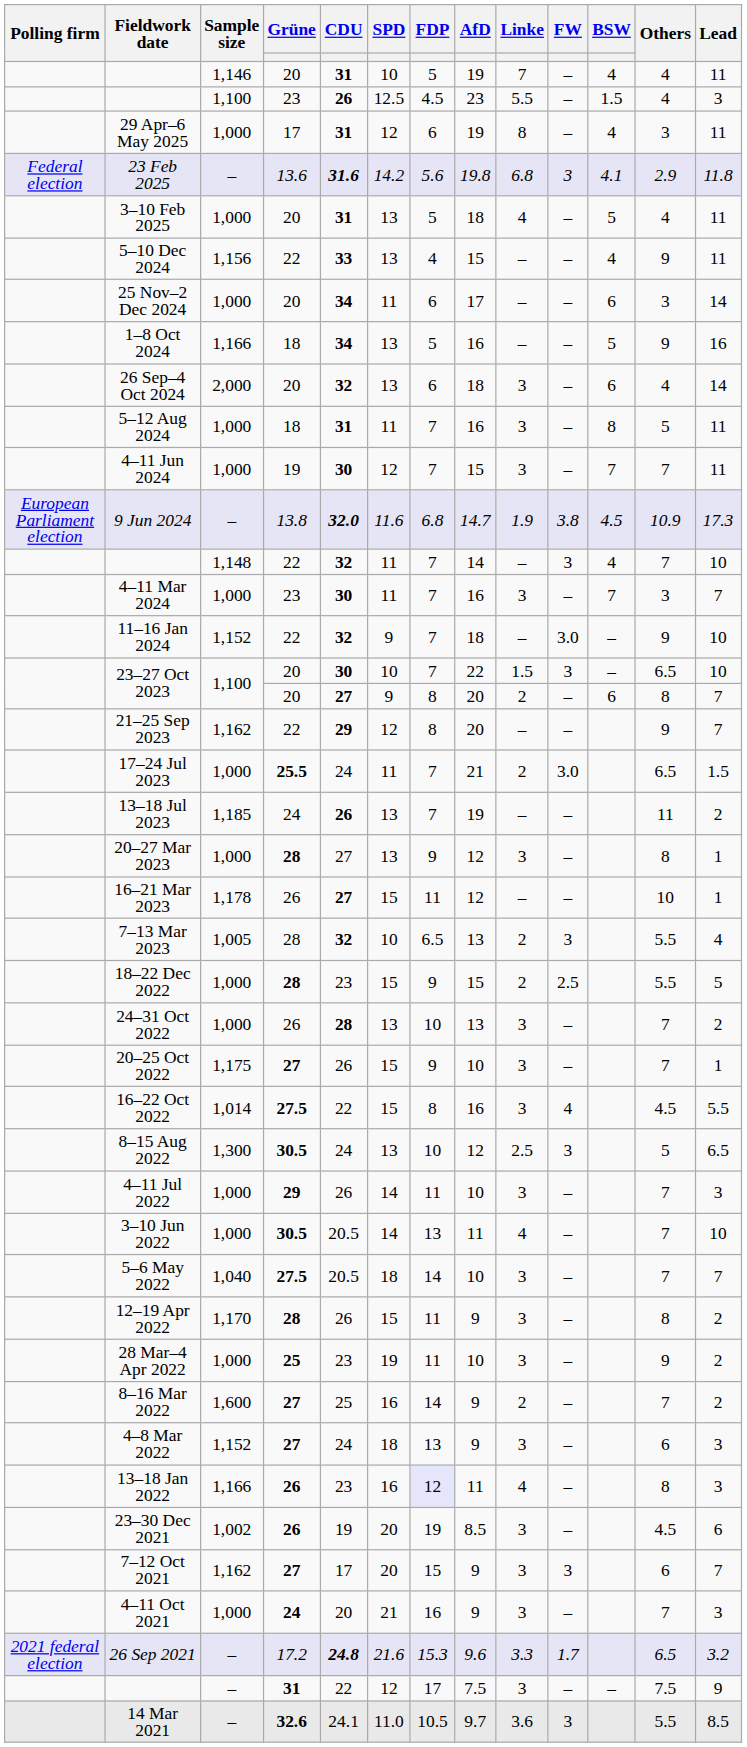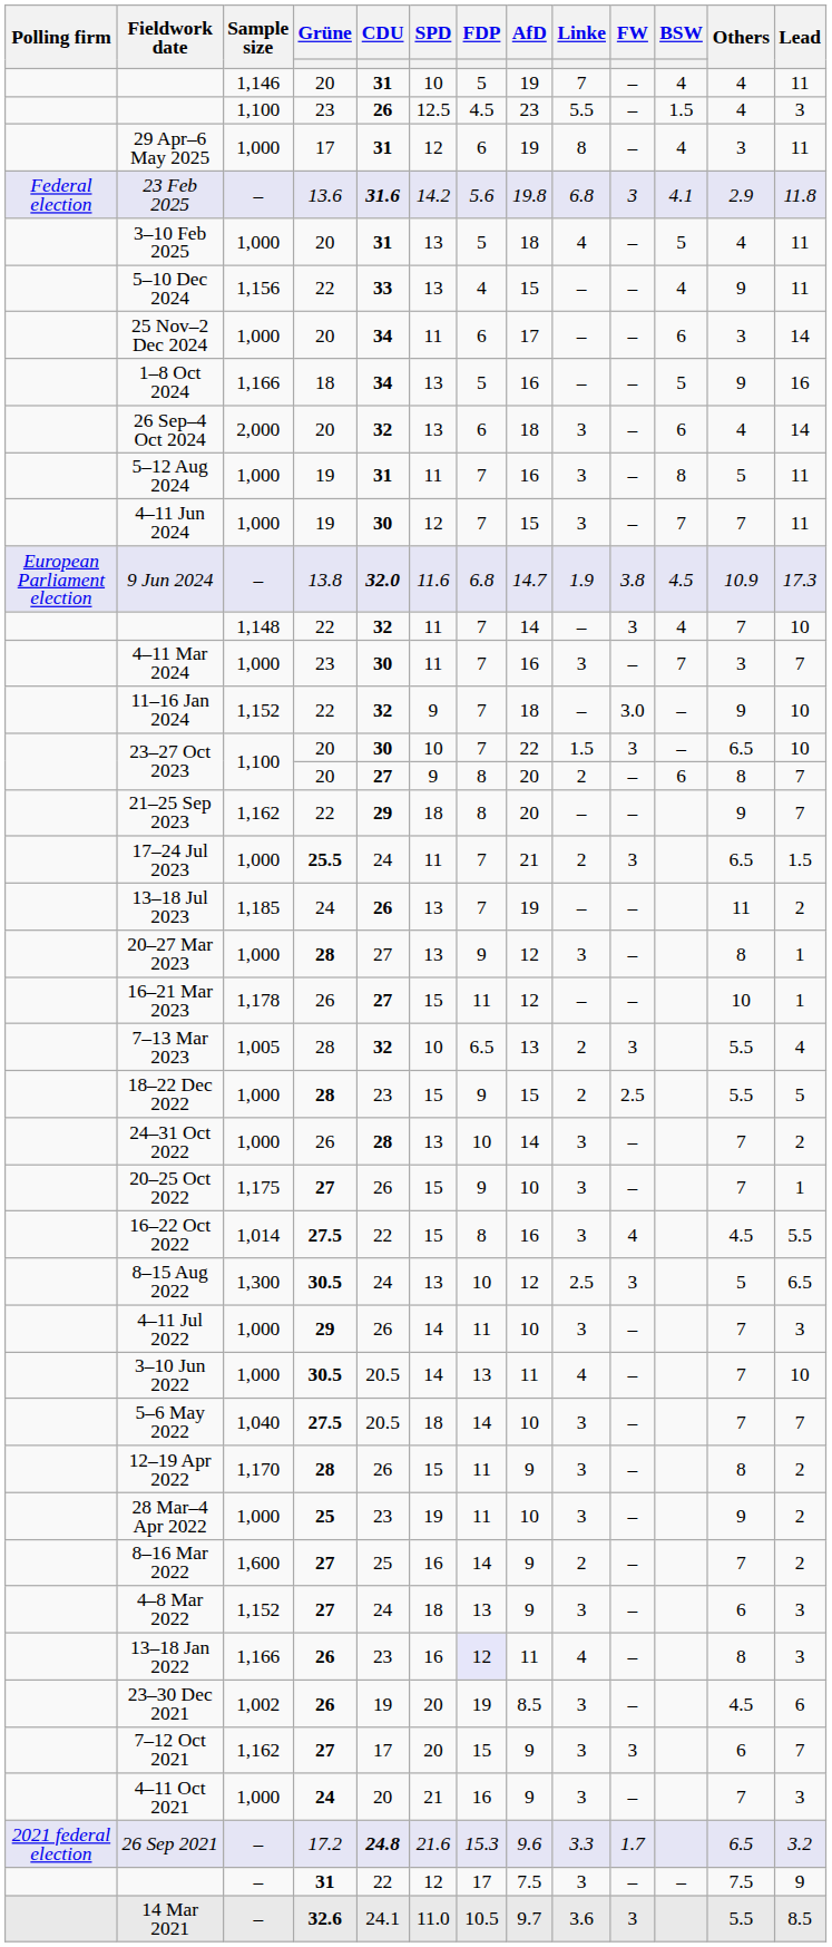 <table class="wikitable sortable" style="text-align:center;font-size:90%;line-height:14px;">
 <tr style="height:40px;">
 <th style="width:150px;" rowspan="2">Polling firm</th>
 <th style="width:125px;" rowspan="2">Fieldwork date</th>
 <th style="width:35px;" rowspan="2">Sample<br>size</th>
 <th class="unsortable" style="width:40px;"><a href='#'>Grüne</a></th>
 <th class="unsortable" style="width:40px;"><a href='#'>CDU</a></th>
 <th class="unsortable" style="width:40px;"><a href='#'>SPD</a></th>
 <th class="unsortable" style="width:40px;"><a href='#'>FDP</a></th>
 <th class="unsortable" style="width:40px;"><a href='#'>AfD</a></th>
 <th class="unsortable" style="width:40px;"><a href='#'>Linke</a></th>
 <th class="unsortable" style="width:40px;"><a href='#'>FW</a></th>
 <th class="unsortable" style="width:40px;"><a href='#'>BSW</a></th>
 <th class="unsortable" style="width:40px;" rowspan="2">Others</th>
 <th style="width:30px;" rowspan="2">Lead</th>
 </tr>
 <tr>
 <th style="background:"></th>
 <th style="background:"></th>
 <th style="background:"></th>
 <th style="background:"></th>
 <th style="background:"></th>
 <th style="background:"></th>
 <th style="background:"></th>
 <th style="background:"></th>
 </tr>
 <tr>
 <td></td>
 <td></td>
 <td>1,146</td>
 <td>20</td>
 <td><strong>31</strong></td>
 <td>10</td>
 <td>5</td>
 <td>19</td>
 <td>7</td>
 <td>–</td>
 <td>4</td>
 <td>4</td>
 <td style="background:">11</td>
 </tr>
 <tr>
 <td></td>
 <td></td>
 <td>1,100</td>
 <td>23</td>
 <td><strong>26</strong></td>
 <td>12.5</td>
 <td>4.5</td>
 <td>23</td>
 <td>5.5</td>
 <td>–</td>
 <td>1.5</td>
 <td>4</td>
 <td style="background:">3</td>
 </tr>
 <tr>
 <td></td>
 <td>29 Apr–6 May 2025</td>
 <td>1,000</td>
 <td>17</td>
 <td><strong>31</strong></td>
 <td>12</td>
 <td>6</td>
 <td>19</td>
 <td>8</td>
 <td>–</td>
 <td>4</td>
 <td>3</td>
 <td style="background:">11</td>
 </tr>
 <tr style="background:#E5E5F5;font-style:italic;">
 <td><a href='#'>Federal election</a></td>
 <td data-sort-value="2025-02-23">23 Feb 2025</td>
 <td>–</td>
 <td>13.6</td>
 <td><strong>31.6</strong></td>
 <td>14.2</td>
 <td>5.6</td>
 <td>19.8</td>
 <td>6.8</td>
 <td>3</td>
 <td>4.1</td>
 <td>2.9</td>
 <td style="background:">11.8</td>
 </tr>
 <tr>
 <td></td>
 <td>3–10 Feb 2025</td>
 <td>1,000</td>
 <td>20</td>
 <td><strong>31</strong></td>
 <td>13</td>
 <td>5</td>
 <td>18</td>
 <td>4</td>
 <td>–</td>
 <td>5</td>
 <td>4</td>
 <td style="background:">11</td>
 </tr>
 <tr>
 <td></td>
 <td>5–10 Dec 2024</td>
 <td>1,156</td>
 <td>22</td>
 <td><strong>33</strong></td>
 <td>13</td>
 <td>4</td>
 <td>15</td>
 <td>–</td>
 <td>–</td>
 <td>4</td>
 <td>9</td>
 <td style="background:">11</td>
 </tr>
 <tr>
 <td></td>
 <td>25 Nov–2 Dec 2024</td>
 <td>1,000</td>
 <td>20</td>
 <td><strong>34</strong></td>
 <td>11</td>
 <td>6</td>
 <td>17</td>
 <td>–</td>
 <td>–</td>
 <td>6</td>
 <td>3</td>
 <td style="background:">14</td>
 </tr>
 <tr>
 <td></td>
 <td>1–8 Oct 2024</td>
 <td>1,166</td>
 <td>18</td>
 <td><strong>34</strong></td>
 <td>13</td>
 <td>5</td>
 <td>16</td>
 <td>–</td>
 <td>–</td>
 <td>5</td>
 <td>9</td>
 <td style="background:">16</td>
 </tr>
 <tr>
 <td></td>
 <td>26 Sep–4 Oct 2024</td>
 <td>2,000</td>
 <td>20</td>
 <td><strong>32</strong></td>
 <td>13</td>
 <td>6</td>
 <td>18</td>
 <td>3</td>
 <td>–</td>
 <td>6</td>
 <td>4</td>
 <td style="background:">14</td>
 </tr>
 <tr>
 <td></td>
 <td>5–12 Aug 2024</td>
 <td>1,000</td>
-<td>18</td>
+<td>19</td>
 <td><strong>31</strong></td>
 <td>11</td>
 <td>7</td>
 <td>16</td>
 <td>3</td>
 <td>–</td>
 <td>8</td>
 <td>5</td>
 <td style="background:">11</td>
 </tr>
 <tr>
 <td></td>
 <td>4–11 Jun 2024</td>
 <td>1,000</td>
 <td>19</td>
 <td><strong>30</strong></td>
 <td>12</td>
 <td>7</td>
 <td>15</td>
 <td>3</td>
 <td>–</td>
 <td>7</td>
 <td>7</td>
 <td style="background:">11</td>
 </tr>
 <tr style="background:#E5E5F5;font-style:italic;">
 <td><a href='#'>European Parliament election</a></td>
 <td data-sort-value="2024-06-09">9 Jun 2024</td>
 <td>–</td>
 <td>13.8</td>
 <td><strong>32.0</strong></td>
 <td>11.6</td>
 <td>6.8</td>
 <td>14.7</td>
 <td>1.9</td>
 <td>3.8</td>
 <td>4.5</td>
 <td>10.9</td>
 <td style="background:">17.3</td>
 </tr>
 <tr>
 <td></td>
 <td></td>
 <td>1,148</td>
 <td>22</td>
 <td><strong>32</strong></td>
 <td>11</td>
 <td>7</td>
 <td>14</td>
 <td>–</td>
 <td>3</td>
 <td>4</td>
 <td>7</td>
 <td style="background:">10</td>
 </tr>
 <tr>
 <td></td>
 <td>4–11 Mar 2024</td>
 <td>1,000</td>
 <td>23</td>
 <td><strong>30</strong></td>
 <td>11</td>
 <td>7</td>
 <td>16</td>
 <td>3</td>
 <td>–</td>
 <td>7</td>
 <td>3</td>
 <td style="background:">7</td>
 </tr>
 <tr>
 <td></td>
 <td>11–16 Jan 2024</td>
 <td>1,152</td>
 <td>22</td>
 <td><strong>32</strong></td>
 <td>9</td>
 <td>7</td>
 <td>18</td>
 <td>–</td>
 <td>3.0</td>
 <td>–</td>
 <td>9</td>
 <td style="background:">10</td>
 </tr>
 <tr>
 <td rowspan="2"></td>
 <td rowspan="2" data-sort-value="2023-10-27">23–27 Oct 2023</td>
 <td rowspan="2">1,100</td>
 <td>20</td>
 <td><strong>30</strong></td>
 <td>10</td>
 <td>7</td>
 <td>22</td>
 <td>1.5</td>
 <td>3</td>
 <td>–</td>
 <td>6.5</td>
 <td style="background:">10</td>
 </tr>
 <tr>
 <td>20</td>
 <td><strong>27</strong></td>
 <td>9</td>
 <td>8</td>
 <td>20</td>
 <td>2</td>
 <td>–</td>
 <td>6</td>
 <td>8</td>
 <td style="background:">7</td>
 </tr>
 <tr>
 <td></td>
 <td>21–25 Sep 2023</td>
 <td>1,162</td>
 <td>22</td>
 <td><strong>29</strong></td>
-<td>12</td>
+<td>18</td>
 <td>8</td>
 <td>20</td>
 <td>–</td>
 <td>–</td>
 <td></td>
 <td>9</td>
 <td style="background:">7</td>
 </tr>
 <tr>
 <td></td>
 <td data-sort-value="2023-07-24">17–24 Jul 2023</td>
 <td>1,000</td>
 <td><strong>25.5</strong></td>
 <td>24</td>
 <td>11</td>
 <td>7</td>
 <td>21</td>
 <td>2</td>
-<td>3.0</td>
+<td>3</td>
 <td></td>
 <td>6.5</td>
 <td style="background:">1.5</td>
 </tr>
 <tr>
 <td></td>
 <td data-sort-value="2023-07-18">13–18 Jul 2023</td>
 <td>1,185</td>
 <td>24</td>
 <td><strong>26</strong></td>
 <td>13</td>
 <td>7</td>
 <td>19</td>
 <td>–</td>
 <td>–</td>
 <td></td>
 <td>11</td>
 <td style="background:">2</td>
 </tr>
 <tr>
 <td></td>
 <td data-sort-value="2023-03-27">20–27 Mar 2023</td>
 <td>1,000</td>
 <td><strong>28</strong></td>
 <td>27</td>
 <td>13</td>
 <td>9</td>
 <td>12</td>
 <td>3</td>
 <td>–</td>
 <td></td>
 <td>8</td>
 <td style="background:">1</td>
 </tr>
 <tr>
 <td></td>
 <td data-sort-value="2023-03-21">16–21 Mar 2023</td>
 <td>1,178</td>
 <td>26</td>
 <td><strong>27</strong></td>
 <td>15</td>
 <td>11</td>
 <td>12</td>
 <td>–</td>
 <td>–</td>
 <td></td>
 <td>10</td>
 <td style="background:">1</td>
 </tr>
 <tr>
 <td></td>
 <td data-sort-value="2023-03-13">7–13 Mar 2023</td>
 <td>1,005</td>
 <td>28</td>
 <td><strong>32</strong></td>
 <td>10</td>
 <td>6.5</td>
 <td>13</td>
 <td>2</td>
 <td>3</td>
 <td></td>
 <td>5.5</td>
 <td style="background:">4</td>
 </tr>
 <tr>
 <td></td>
 <td data-sort-value="2022-12-22">18–22 Dec 2022</td>
 <td>1,000</td>
 <td><strong>28</strong></td>
 <td>23</td>
 <td>15</td>
 <td>9</td>
 <td>15</td>
 <td>2</td>
 <td>2.5</td>
 <td></td>
 <td>5.5</td>
 <td style="background:">5</td>
 </tr>
 <tr>
 <td></td>
 <td data-sort-value="2022-10-31">24–31 Oct 2022</td>
 <td>1,000</td>
 <td>26</td>
 <td><strong>28</strong></td>
 <td>13</td>
 <td>10</td>
-<td>13</td>
+<td>14</td>
 <td>3</td>
 <td>–</td>
 <td></td>
 <td>7</td>
 <td style="background:">2</td>
 </tr>
 <tr>
 <td></td>
 <td data-sort-value="2022-10-25">20–25 Oct 2022</td>
 <td>1,175</td>
 <td><strong>27</strong></td>
 <td>26</td>
 <td>15</td>
 <td>9</td>
 <td>10</td>
 <td>3</td>
 <td>–</td>
 <td></td>
 <td>7</td>
 <td style="background:">1</td>
 </tr>
 <tr>
 <td></td>
 <td data-sort-value="2022-10-22">16–22 Oct 2022</td>
 <td>1,014</td>
 <td><strong>27.5</strong></td>
 <td>22</td>
 <td>15</td>
 <td>8</td>
 <td>16</td>
 <td>3</td>
 <td>4</td>
 <td></td>
 <td>4.5</td>
 <td style="background:">5.5</td>
 </tr>
 <tr>
 <td></td>
 <td data-sort-value="2022-08-15">8–15 Aug 2022</td>
 <td>1,300</td>
 <td><strong>30.5</strong></td>
 <td>24</td>
 <td>13</td>
 <td>10</td>
 <td>12</td>
 <td>2.5</td>
 <td>3 </td>
 <td></td>
 <td>5</td>
 <td style="background:">6.5</td>
 </tr>
 <tr>
 <td></td>
 <td data-sort-value="2022-07-11">4–11 Jul 2022</td>
 <td>1,000</td>
 <td><strong>29</strong></td>
 <td>26</td>
 <td>14</td>
 <td>11</td>
 <td>10</td>
 <td>3</td>
 <td>–</td>
 <td></td>
 <td>7</td>
 <td style="background:">3</td>
 </tr>
 <tr>
 <td></td>
 <td data-sort-value="2022-06-10">3–10 Jun 2022</td>
 <td>1,000</td>
 <td><strong>30.5</strong></td>
 <td>20.5</td>
 <td>14</td>
 <td>13</td>
 <td>11</td>
 <td>4</td>
 <td>–</td>
 <td></td>
 <td>7</td>
 <td style="background:">10</td>
 </tr>
 <tr>
 <td></td>
 <td data-sort-value="2022-05-06">5–6 May 2022</td>
 <td>1,040</td>
 <td><strong>27.5</strong></td>
 <td>20.5</td>
 <td>18</td>
 <td>14</td>
 <td>10</td>
 <td>3</td>
 <td>–</td>
 <td></td>
 <td>7</td>
 <td style="background:">7</td>
 </tr>
 <tr>
 <td></td>
 <td data-sort-value="2022-04-19">12–19 Apr 2022</td>
 <td>1,170</td>
 <td><strong>28</strong></td>
 <td>26</td>
 <td>15</td>
 <td>11</td>
 <td>9</td>
 <td>3</td>
 <td>–</td>
 <td></td>
 <td>8</td>
 <td style="background:">2</td>
 </tr>
 <tr>
 <td></td>
 <td data-sort-value="2022-04-04">28 Mar–4 Apr 2022</td>
 <td>1,000</td>
 <td><strong>25</strong></td>
 <td>23</td>
 <td>19</td>
 <td>11</td>
 <td>10</td>
 <td>3</td>
 <td>–</td>
 <td></td>
 <td>9</td>
 <td style="background:">2</td>
 </tr>
 <tr>
 <td></td>
 <td data-sort-value="2022-03-16">8–16 Mar 2022</td>
 <td>1,600</td>
 <td><strong>27</strong></td>
 <td>25</td>
 <td>16</td>
 <td>14</td>
 <td>9</td>
 <td>2</td>
 <td>–</td>
 <td></td>
 <td>7</td>
 <td style="background:">2</td>
 </tr>
 <tr>
 <td></td>
 <td data-sort-value="2022-03-08">4–8 Mar 2022</td>
 <td>1,152</td>
 <td><strong>27</strong></td>
 <td>24</td>
 <td>18</td>
 <td>13</td>
 <td>9</td>
 <td>3</td>
 <td>–</td>
 <td></td>
 <td>6</td>
 <td style="background:">3</td>
 </tr>
 <tr>
 <td></td>
 <td data-sort-value="2022-01-18">13–18 Jan 2022</td>
 <td>1,166</td>
 <td><strong>26</strong></td>
 <td>23</td>
 <td>16</td>
 <td style="background: lavender;">12</td>
 <td>11</td>
 <td>4</td>
 <td>–</td>
 <td></td>
 <td>8</td>
 <td style="background:">3</td>
 </tr>
 <tr>
 <td></td>
 <td data-sort-value="2021-12-30">23–30 Dec 2021</td>
 <td>1,002</td>
 <td><strong>26</strong></td>
 <td>19</td>
 <td>20</td>
 <td>19</td>
 <td>8.5</td>
 <td>3</td>
 <td>–</td>
 <td></td>
 <td>4.5</td>
 <td style="background:">6</td>
 </tr>
 <tr>
 <td></td>
 <td data-sort-value="2021-10-12">7–12 Oct 2021</td>
 <td>1,162</td>
 <td><strong>27</strong></td>
 <td>17</td>
 <td>20</td>
 <td>15</td>
 <td>9</td>
 <td>3</td>
 <td>3</td>
 <td></td>
 <td>6</td>
 <td style="background:">7</td>
 </tr>
 <tr>
 <td></td>
 <td data-sort-value="2021-10-11">4–11 Oct 2021</td>
 <td>1,000</td>
 <td><strong>24</strong></td>
 <td>20</td>
 <td>21</td>
 <td>16</td>
 <td>9</td>
 <td>3</td>
 <td>–</td>
 <td></td>
 <td>7</td>
 <td style="background:">3</td>
 </tr>
 <tr style="background:#E5E5F5;font-style:italic;">
 <td><a href='#'>2021 federal election</a></td>
 <td data-sort-value="2021-09-26">26 Sep 2021</td>
 <td>–</td>
 <td>17.2</td>
 <td><strong>24.8</strong></td>
 <td>21.6</td>
 <td>15.3</td>
 <td>9.6</td>
 <td>3.3</td>
 <td>1.7</td>
 <td></td>
 <td>6.5</td>
 <td style="background:">3.2</td>
 </tr>
 <tr>
 <td></td>
 <td></td>
 <td>–</td>
 <td><strong>31</strong></td>
 <td>22</td>
 <td>12</td>
 <td>17</td>
 <td>7.5</td>
 <td>3</td>
 <td>–</td>
 <td>–</td>
 <td>7.5</td>
 <td style="background:">9</td>
 </tr>
 <tr style="background:#E9E9E9;">
 <td></td>
 <td data-sort-value="2021-03-14">14 Mar 2021</td>
 <td>–</td>
 <td><strong>32.6</strong></td>
 <td>24.1</td>
 <td>11.0</td>
 <td>10.5</td>
 <td>9.7</td>
 <td>3.6</td>
 <td>3</td>
 <td></td>
 <td>5.5</td>
 <td style="background:">8.5</td>
 </tr>
 </table>
